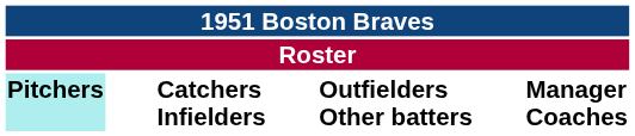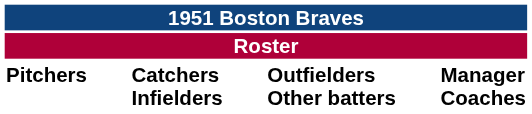 <table class="toccolours" style="font-size: 95%;">
 <tr>
 <th colspan="10" style="background-color: #0f437c; color: white; text-align: center;">1951 Boston Braves</th>
 </tr>
 <tr>
 <td colspan="10" style="background-color: #af0039; color: white; text-align: center;"><strong>Roster</strong></td>
 </tr>
 <tr>
-<td valign="top" style="background: paleturquoise;"><strong>Pitchers</strong><br>              </td>
+<td valign="top"><strong>Pitchers</strong><br>              </td>
 <td width="25px"></td>
 <td valign="top"><strong>Catchers</strong><br>   <strong>Infielders</strong>       </td>
 <td width="25px"></td>
 <td valign="top"><strong>Outfielders</strong><br>       <strong>Other batters</strong> </td>
 <td width="25px"></td>
 <td valign="top"><strong>Manager</strong><br>  <strong>Coaches</strong>    </td>
 </tr>
 </table>
